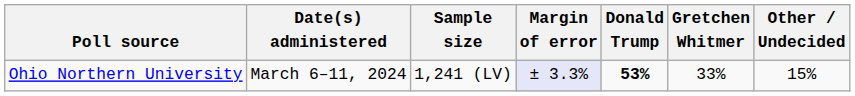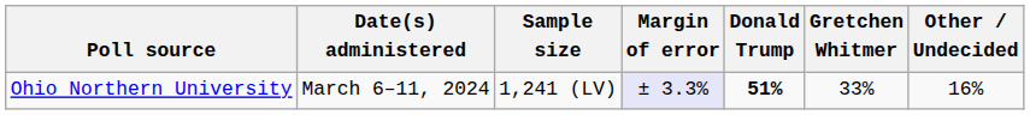 <table class="wikitable sortable mw-datatable" style="font-size:90%;text-align:center;line-height:17px">
 <tr valign=bottom>
 <th>Poll source</th>
 <th>Date(s)<br>administered</th>
 <th>Sample<br>size</th>
 <th>Margin<br>of error</th>
 <th class="unsortable">Donald<br>Trump<br></th>
 <th class="unsortable">Gretchen<br>Whitmer<br></th>
 <th class="unsortable">Other /<br>Undecided</th>
 </tr>
 <tr>
 <td style="text-align:left;"><a href='#'>Ohio Northern University</a><br></td>
 <td data-sort-value="2024-03-13">March 6–11, 2024</td>
 <td>1,241 (LV)</td>
 <td style="background: lavender;">± 3.3%</td>
-<td style="background-color:"><strong>53%</strong></td>
+<td style="background-color:"><strong>51%</strong></td>
 <td>33%</td>
-<td>15%</td>
+<td>16%</td>
 </tr>
 </table>
